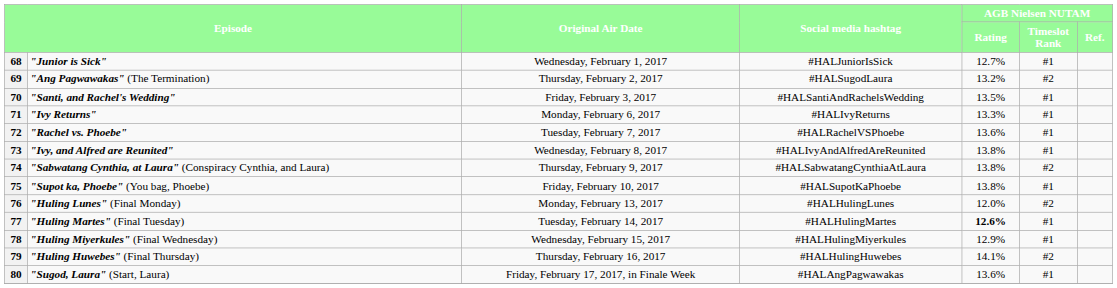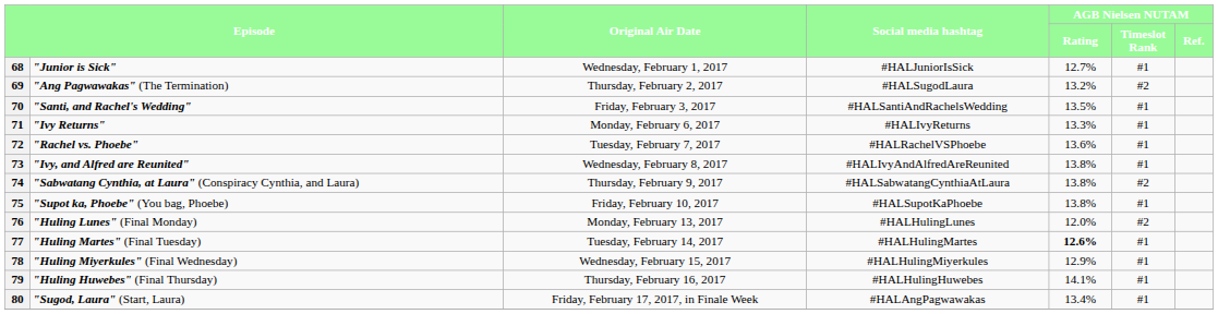 <table class="wikitable" style="text-align:center; font-size:100%; line-height:18px;"  width="100%">
 <tr>
 <th colspan="2" rowspan="2" style="background-color:#98FB98; color:#ffffff;">Episode</th>
 <th style="background:#98FB98; color:white" rowspan="2">Original Air Date</th>
 <th style="background:#98FB98; color:white" rowspan="2">Social media hashtag</th>
 <th style="background-color:#98FB98; color:#ffffff;" colspan="3">AGB Nielsen NUTAM</th>
 </tr>
 <tr>
 <th style="background-color:#98FB98; width:75px; color:#ffffff;">Rating</th>
 <th style="background-color:#98FB98; width:75px; color:#ffffff;">Timeslot<br>Rank</th>
 <th style="background-color:#98FB98; color:#ffffff;">Ref.</th>
 </tr>
 <tr>
 <th>68</th>
 <td style="text-align: left;"><strong><em>"Junior is Sick"</em></strong></td>
 <td>Wednesday, February 1, 2017</td>
 <td>#HALJuniorIsSick</td>
 <td>12.7%</td>
 <td>#1</td>
 <td></td>
 </tr>
 <tr>
 <th>69</th>
 <td style="text-align: left;"><strong><em>"Ang Pagwawakas"</em></strong> (The Termination)</td>
 <td>Thursday, February 2, 2017</td>
 <td>#HALSugodLaura</td>
 <td>13.2%</td>
 <td>#2</td>
 <td></td>
 </tr>
 <tr>
 <th>70</th>
 <td style="text-align: left;"><strong><em>"Santi, and Rachel's Wedding"</em></strong></td>
 <td>Friday, February 3, 2017</td>
 <td>#HALSantiAndRachelsWedding</td>
 <td>13.5%</td>
 <td>#1</td>
 <td></td>
 </tr>
 <tr>
 <th>71</th>
 <td style="text-align: left;"><strong><em>"Ivy Returns"</em></strong></td>
 <td>Monday, February 6, 2017</td>
 <td>#HALIvyReturns</td>
 <td>13.3%</td>
 <td>#1</td>
 <td></td>
 </tr>
 <tr>
 <th>72</th>
 <td style="text-align: left;"><strong><em>"Rachel vs. Phoebe"</em></strong></td>
 <td>Tuesday, February 7, 2017</td>
 <td>#HALRachelVSPhoebe</td>
 <td>13.6%</td>
 <td>#1</td>
 <td></td>
 </tr>
 <tr>
 <th>73</th>
 <td style="text-align: left;"><strong><em>"Ivy, and Alfred are Reunited"</em></strong></td>
 <td>Wednesday, February 8, 2017</td>
 <td>#HALIvyAndAlfredAreReunited</td>
 <td>13.8%</td>
 <td>#1</td>
 <td></td>
 </tr>
 <tr>
 <th>74</th>
 <td style="text-align: left;"><strong><em>"Sabwatang Cynthia, at Laura"</em></strong> (Conspiracy Cynthia, and Laura)</td>
 <td>Thursday, February 9, 2017</td>
 <td>#HALSabwatangCynthiaAtLaura</td>
 <td>13.8%</td>
 <td>#2</td>
 <td></td>
 </tr>
 <tr>
 <th>75</th>
 <td style="text-align: left;"><strong><em>"Supot ka, Phoebe"</em></strong> (You bag, Phoebe)</td>
 <td>Friday, February 10, 2017</td>
 <td>#HALSupotKaPhoebe</td>
 <td>13.8%</td>
 <td>#1</td>
 <td></td>
 </tr>
 <tr>
 <th>76</th>
 <td style="text-align: left;"><strong><em>"Huling Lunes"</em></strong> (Final Monday)</td>
 <td>Monday, February 13, 2017</td>
 <td>#HALHulingLunes</td>
 <td>12.0%</td>
 <td>#2</td>
 <td></td>
 </tr>
 <tr>
 <th>77</th>
 <td style="text-align: left;"><strong><em>"Huling Martes"</em></strong> (Final Tuesday)</td>
 <td>Tuesday, February 14, 2017</td>
 <td>#HALHulingMartes</td>
 <td><strong>12.6%</strong></td>
 <td>#1</td>
 <td></td>
 </tr>
 <tr>
 <th>78</th>
 <td style="text-align: left;"><strong><em>"Huling Miyerkules"</em></strong> (Final Wednesday)</td>
 <td>Wednesday, February 15, 2017</td>
 <td>#HALHulingMiyerkules</td>
 <td>12.9%</td>
 <td>#1</td>
 <td></td>
 </tr>
 <tr>
 <th>79</th>
 <td style="text-align: left;"><strong><em>"Huling Huwebes"</em></strong> (Final Thursday)</td>
 <td>Thursday, February 16, 2017</td>
 <td>#HALHulingHuwebes</td>
 <td>14.1%</td>
-<td>#2</td>
+<td>#1</td>
 <td></td>
 </tr>
 <tr>
 <th>80</th>
 <td style="text-align: left;"><strong><em>"Sugod, Laura"</em></strong> (Start, Laura)</td>
 <td>Friday, February 17, 2017, in Finale Week</td>
 <td>#HALAngPagwawakas</td>
-<td>13.6%</td>
+<td>13.4%</td>
 <td>#1</td>
 <td></td>
 </tr>
 <tr>
 </tr>
 </table>
